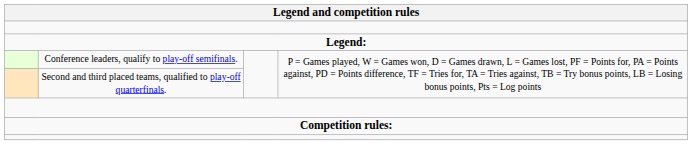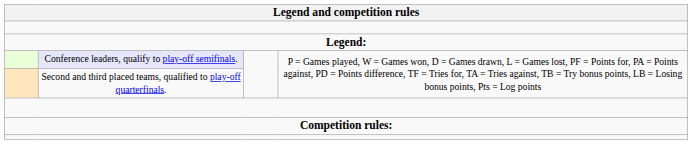 <table class="wikitable collapsible collapsed" style="text-align:center; line-height:100%; font-size:100%; width:60%;">
 <tr>
 <th colspan="100%" style="border:0px">Legend and competition rules</th>
 </tr>
 <tr>
 <td colspan="100%" style="height:10px"></td>
 </tr>
 <tr>
 <td colspan="100%" style="border:0px"><strong>Legend:</strong></td>
 </tr>
 <tr>
 <td style="height:10px; width:5%; background:#E8FFD8;"></td>
-<td style="width:30%;"><small>Conference leaders, qualify to <a href='#'>play-off semifinals</a>.</small></td>
+<td style="background: lavender; width:30%;"><small>Conference leaders, qualify to <a href='#'>play-off semifinals</a>.</small></td>
 <td rowspan="2" style="width:5%;"></td>
 <td rowspan="2" style="width:60%;"><small>P = Games played, W = Games won, D = Games drawn, L = Games lost, PF = Points for, PA = Points against, PD = Points difference, TF = Tries for, TA = Tries against, TB = Try bonus points, LB = Losing bonus points, Pts = Log points</small></td>
 </tr>
 <tr>
 <td style="height:10px; background:#FFE6BD;"></td>
 <td><small>Second and third placed teams, qualified to <a href='#'>play-off quarterfinals</a>.</small></td>
 </tr>
 <tr>
 <td colspan="100%" style="height: 20px;"></td>
 </tr>
 <tr>
 <td colspan="100%" style="border:0px"><strong>Competition rules:</strong></td>
 </tr>
 <tr>
 <td colspan="100%"></td>
 </tr>
 </table>
